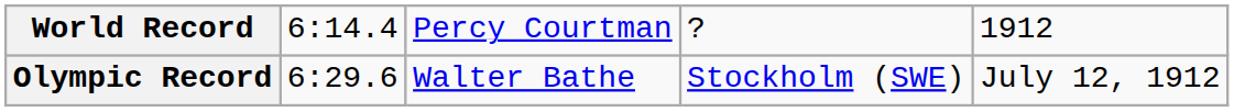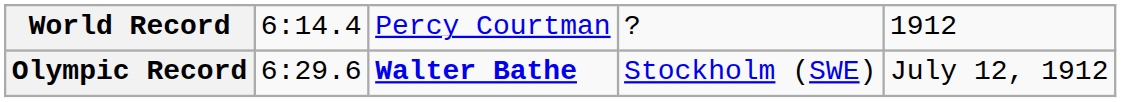 <table class="wikitable" style="font-size:95%;">
 <tr>
 <th>World Record</th>
 <td>6:14.4</td>
 <td> <a href='#'>Percy Courtman</a></td>
 <td>?</td>
 <td>1912</td>
 </tr>
 <tr>
 <th>Olympic Record</th>
 <td>6:29.6</td>
-<td> <a href='#'>Walter Bathe</a></td>
+<td><strong> <a href='#'>Walter Bathe</a></strong></td>
 <td><a href='#'>Stockholm</a> (<a href='#'>SWE</a>)</td>
 <td>July 12, 1912</td>
 </tr>
 </table>
